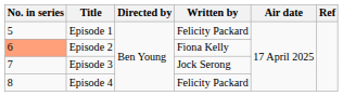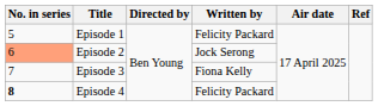 <table class="wikitable">
 <tr>
 <th>No. in series</th>
 <th>Title</th>
 <th>Directed by</th>
 <th>Written by</th>
 <th>Air date</th>
 <th>Ref</th>
 </tr>
 <tr>
 <td>5</td>
 <td>Episode 1</td>
 <td rowspan="4">Ben Young</td>
 <td>Felicity Packard</td>
 <td rowspan="4">17 April 2025</td>
 <td rowspan="4"></td>
 </tr>
 <tr>
 <td style="background: lightsalmon;">6</td>
 <td>Episode 2</td>
-<td>Fiona Kelly</td>
+<td>Jock Serong</td>
 </tr>
 <tr>
 <td>7</td>
 <td>Episode 3</td>
-<td>Jock Serong</td>
+<td>Fiona Kelly</td>
 </tr>
 <tr>
-<td>8</td>
+<td><strong>8</strong></td>
 <td>Episode 4</td>
 <td>Felicity Packard</td>
 </tr>
 </table>
